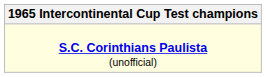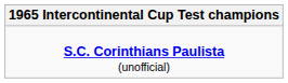 <table class=wikitable style="text-align:center; margin:auto">
 <tr>
 <th>1965 Intercontinental Cup Test champions</th>
 </tr>
 <tr>
-<td style="background: lightyellow;"><br> <strong><a href='#'>S.C. Corinthians Paulista</a></strong><br><small>(unofficial)</small></td>
+<td><br> <strong><a href='#'>S.C. Corinthians Paulista</a></strong><br><small>(unofficial)</small></td>
 </tr>
 </table>
